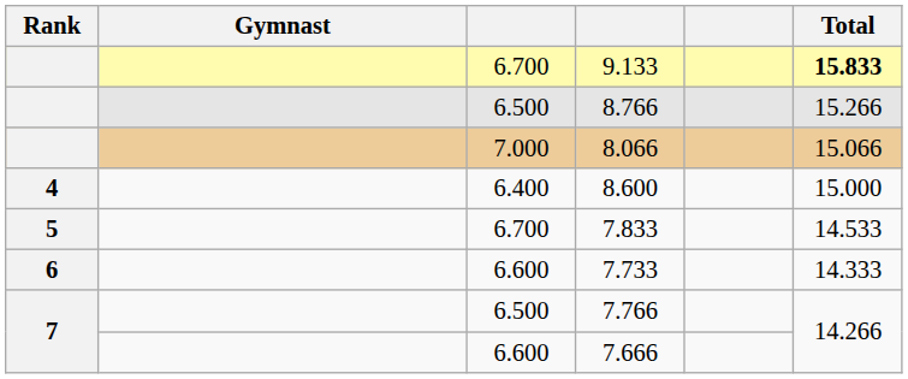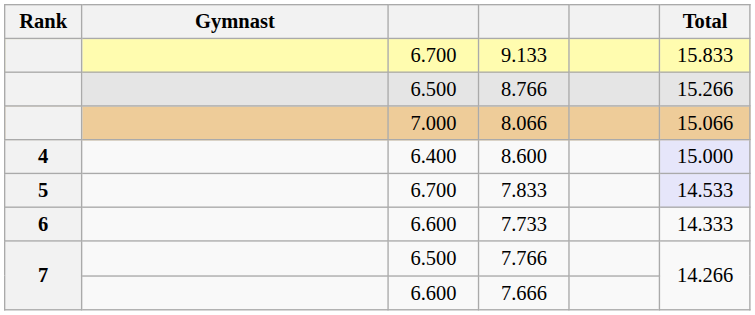 <table class="wikitable sortable" style="text-align:center; font-size:95%">
 <tr>
 <th scope="col" style="width:50px;">Rank</th>
 <th scope="col" style="width:220px;">Gymnast</th>
 <th scope="col" style="width:60px;"></th>
 <th scope="col" style="width:60px;"></th>
 <th scope="col" style="width:60px;"></th>
 <th scope="col" style="width:60px;">Total</th>
 </tr>
 <tr style="background:#fffcaf;">
 <th scope=row style="text-align:center"></th>
 <td style="text-align:left;"></td>
 <td>6.700</td>
 <td>9.133</td>
 <td></td>
-<td><strong>15.833</strong></td>
+<td>15.833</td>
 </tr>
 <tr style="background:#e5e5e5;">
 <th scope=row style="text-align:center"></th>
 <td style="text-align:left;"></td>
 <td>6.500</td>
 <td>8.766</td>
 <td></td>
 <td>15.266</td>
 </tr>
 <tr style="background:#ec9;">
 <th scope=row style="text-align:center"></th>
 <td style="text-align:left;"></td>
 <td>7.000</td>
 <td>8.066</td>
 <td></td>
 <td>15.066</td>
 </tr>
 <tr>
 <th scope=row style="text-align:center">4</th>
 <td style="text-align:left;"></td>
 <td>6.400</td>
 <td>8.600</td>
 <td></td>
-<td>15.000</td>
+<td style="background: lavender;">15.000</td>
 </tr>
 <tr>
 <th scope=row style="text-align:center">5</th>
 <td style="text-align:left;"></td>
 <td>6.700</td>
 <td>7.833</td>
 <td></td>
-<td>14.533</td>
+<td style="background: lavender;">14.533</td>
 </tr>
 <tr>
 <th scope=row style="text-align:center">6</th>
 <td style="text-align:left;"></td>
 <td>6.600</td>
 <td>7.733</td>
 <td></td>
 <td>14.333</td>
 </tr>
 <tr>
 <th rowspan=2 scope=row style="text-align:center">7</th>
 <td style="text-align:left;"></td>
 <td>6.500</td>
 <td>7.766</td>
 <td></td>
 <td rowspan=2>14.266</td>
 </tr>
 <tr>
 <td style="text-align:left;"></td>
 <td>6.600</td>
 <td>7.666</td>
 <td></td>
 </tr>
 </table>
